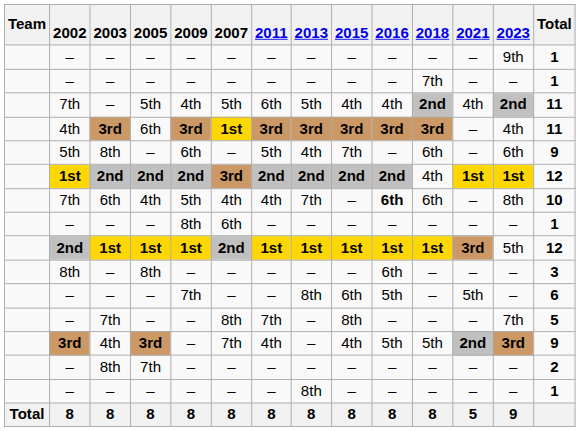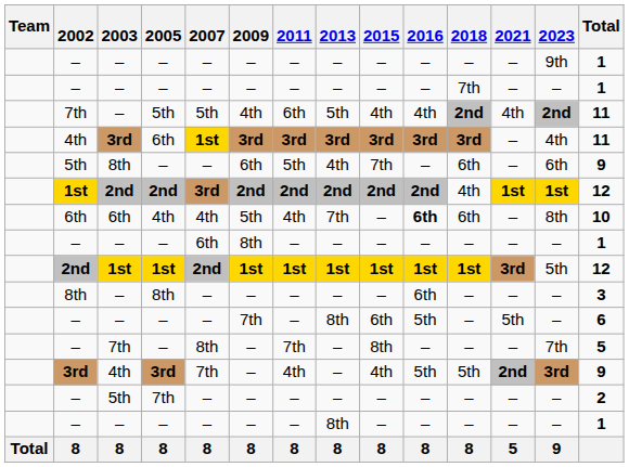 <table class="wikitable" style="text-align:center">
 <tr>
 <th>Team</th>
 <th><br>2002</th>
 <th><br>2003</th>
 <th><br>2005</th>
+<th><br>2007</th>
 <th><br>2009</th>
-<th><br>2007</th>
 <th><br><a href='#'>2011</a></th>
 <th><br><a href='#'>2013</a></th>
 <th><br><a href='#'>2015</a></th>
 <th><br><a href='#'>2016</a></th>
 <th><br><a href='#'>2018</a></th>
 <th><br><a href='#'>2021</a></th>
 <th><br><a href='#'>2023</a></th>
 <th>Total</th>
 </tr>
 <tr>
 <td align=left></td>
 <td>–</td>
 <td>–</td>
 <td>–</td>
 <td>–</td>
 <td>–</td>
 <td>–</td>
 <td>–</td>
 <td>–</td>
 <td>–</td>
 <td>–</td>
 <td>–</td>
 <td>9th</td>
 <td><strong>1</strong></td>
 </tr>
 <tr>
 <td align=left></td>
 <td>–</td>
 <td>–</td>
 <td>–</td>
 <td>–</td>
 <td>–</td>
 <td>–</td>
 <td>–</td>
 <td>–</td>
 <td>–</td>
 <td>7th</td>
 <td>–</td>
 <td>–</td>
 <td><strong>1</strong></td>
 </tr>
 <tr>
 <td align=left></td>
 <td>7th</td>
 <td>–</td>
 <td>5th</td>
+<td>5th</td>
 <td>4th</td>
-<td>5th</td>
 <td>6th</td>
 <td>5th</td>
 <td>4th</td>
 <td>4th</td>
 <td bgcolor=silver><strong>2nd</strong></td>
 <td>4th</td>
 <td bgcolor=silver><strong>2nd</strong></td>
 <td><strong>11</strong></td>
 </tr>
 <tr>
 <td align=left></td>
 <td>4th</td>
 <td bgcolor=cc9966><strong>3rd</strong></td>
 <td>6th</td>
+<td bgcolor=gold><strong>1st</strong></td>
 <td bgcolor=cc9966><strong>3rd</strong></td>
-<td bgcolor=gold><strong>1st</strong></td>
 <td bgcolor=cc9966><strong>3rd</strong></td>
 <td bgcolor=cc9966><strong>3rd</strong></td>
 <td bgcolor=cc9966><strong>3rd</strong></td>
 <td bgcolor=cc9966><strong>3rd</strong></td>
 <td bgcolor=cc9966><strong>3rd</strong></td>
 <td>–</td>
 <td>4th</td>
 <td><strong>11</strong></td>
 </tr>
 <tr>
 <td align=left></td>
 <td>5th</td>
 <td>8th</td>
 <td>–</td>
+<td>–</td>
 <td>6th</td>
-<td>–</td>
 <td>5th</td>
 <td>4th</td>
 <td>7th</td>
 <td>–</td>
 <td>6th</td>
 <td>–</td>
 <td>6th</td>
 <td><strong>9</strong></td>
 </tr>
 <tr>
 <td align=left></td>
 <td bgcolor=gold><strong>1st</strong></td>
 <td bgcolor=silver><strong>2nd</strong></td>
 <td bgcolor=silver><strong>2nd</strong></td>
+<td bgcolor=#cc9966><strong>3rd</strong></td>
 <td bgcolor=silver><strong>2nd</strong></td>
-<td bgcolor=#cc9966><strong>3rd</strong></td>
 <td bgcolor=silver><strong>2nd</strong></td>
 <td bgcolor=silver><strong>2nd</strong></td>
 <td bgcolor=silver><strong>2nd</strong></td>
 <td bgcolor=silver><strong>2nd</strong></td>
 <td>4th</td>
 <td bgcolor=gold><strong>1st</strong></td>
 <td bgcolor=gold><strong>1st</strong></td>
 <td><strong>12</strong></td>
 </tr>
 <tr>
 <td align=left></td>
-<td>7th</td>
+<td>6th</td>
 <td>6th</td>
 <td>4th</td>
+<td>4th</td>
 <td>5th</td>
-<td>4th</td>
 <td>4th</td>
 <td>7th</td>
 <td>–</td>
 <td><strong>6th</strong></td>
 <td>6th</td>
 <td>–</td>
 <td>8th</td>
 <td><strong>10</strong></td>
 </tr>
 <tr>
 <td align=left></td>
 <td>–</td>
 <td>–</td>
 <td>–</td>
+<td>6th</td>
 <td>8th</td>
-<td>6th</td>
 <td>–</td>
 <td>–</td>
 <td>–</td>
 <td>–</td>
 <td>–</td>
 <td>–</td>
 <td>–</td>
 <td><strong>1</strong></td>
 </tr>
 <tr>
 <td align=left></td>
 <td bgcolor=silver><strong>2nd</strong></td>
 <td bgcolor=gold><strong>1st</strong></td>
 <td bgcolor=gold><strong>1st</strong></td>
+<td bgcolor=silver><strong>2nd</strong></td>
 <td bgcolor=gold><strong>1st</strong></td>
-<td bgcolor=silver><strong>2nd</strong></td>
 <td bgcolor=gold><strong>1st</strong></td>
 <td bgcolor=gold><strong>1st</strong></td>
 <td bgcolor=gold><strong>1st</strong></td>
 <td bgcolor=gold><strong>1st</strong></td>
 <td bgcolor=gold><strong>1st</strong></td>
 <td bgcolor=cc9966><strong>3rd</strong></td>
 <td>5th</td>
 <td><strong>12</strong></td>
 </tr>
 <tr>
 <td align=left></td>
 <td>8th</td>
 <td>–</td>
 <td>8th</td>
 <td>–</td>
 <td>–</td>
 <td>–</td>
 <td>–</td>
 <td>–</td>
 <td>6th</td>
 <td>–</td>
 <td>–</td>
 <td>–</td>
 <td><strong>3</strong></td>
 </tr>
 <tr>
 <td align=left></td>
 <td>–</td>
 <td>–</td>
 <td>–</td>
+<td>–</td>
 <td>7th</td>
-<td>–</td>
 <td>–</td>
 <td>8th</td>
 <td>6th</td>
 <td>5th</td>
 <td>–</td>
 <td>5th</td>
 <td>–</td>
 <td><strong>6</strong></td>
 </tr>
 <tr>
 <td align=left></td>
 <td>–</td>
 <td>7th</td>
 <td>–</td>
+<td>8th</td>
 <td>–</td>
-<td>8th</td>
 <td>7th</td>
 <td>–</td>
 <td>8th</td>
 <td>–</td>
 <td>–</td>
 <td>–</td>
 <td>7th</td>
 <td><strong>5</strong></td>
 </tr>
 <tr>
 <td align=left></td>
 <td bgcolor=cc9966><strong>3rd</strong></td>
 <td>4th</td>
 <td bgcolor=cc9966><strong>3rd</strong></td>
+<td>7th</td>
 <td>–</td>
-<td>7th</td>
 <td>4th</td>
 <td>–</td>
 <td>4th</td>
 <td>5th</td>
 <td>5th</td>
 <td bgcolor=silver><strong>2nd</strong></td>
 <td bgcolor=cc9966><strong>3rd</strong></td>
 <td><strong>9</strong></td>
 </tr>
 <tr>
 <td align=left></td>
 <td>–</td>
-<td>8th</td>
+<td>5th</td>
 <td>7th</td>
 <td>–</td>
 <td>–</td>
 <td>–</td>
 <td>–</td>
 <td>–</td>
 <td>–</td>
 <td>–</td>
 <td>–</td>
 <td>–</td>
 <td><strong>2</strong></td>
 </tr>
 <tr>
 <td align=left></td>
 <td>–</td>
 <td>–</td>
 <td>–</td>
 <td>–</td>
 <td>–</td>
 <td>–</td>
 <td>8th</td>
 <td>–</td>
 <td>–</td>
 <td>–</td>
 <td>–</td>
 <td>–</td>
 <td><strong>1</strong></td>
 </tr>
 <tr>
 <th>Total</th>
 <th>8</th>
 <th>8</th>
 <th>8</th>
 <th>8</th>
 <th>8</th>
 <th>8</th>
 <th>8</th>
 <th>8</th>
 <th>8</th>
 <th>8</th>
 <th>5</th>
 <th>9</th>
 <th></th>
 </tr>
 </table>
